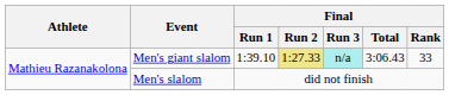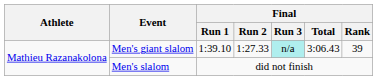 <table class="wikitable" style="font-size:90%">
 <tr>
 <th rowspan="2">Athlete</th>
 <th rowspan="2">Event</th>
 <th colspan="5">Final</th>
 </tr>
 <tr>
 <th>Run 1</th>
 <th>Run 2</th>
 <th>Run 3</th>
 <th>Total</th>
 <th>Rank</th>
 </tr>
 <tr>
 <td rowspan=2><a href='#'>Mathieu Razanakolona</a></td>
 <td><a href='#'>Men's giant slalom</a></td>
 <td align="center">1:39.10</td>
-<td align="center" style="background: khaki;">1:27.33</td>
+<td align="center">1:27.33</td>
 <td align="center" style="background: paleturquoise;">n/a</td>
 <td align="center">3:06.43</td>
-<td align="center">33</td>
+<td align="center">39</td>
 </tr>
 <tr>
 <td><a href='#'>Men's slalom</a></td>
 <td colspan=5 align="center">did not finish</td>
 </tr>
 </table>
